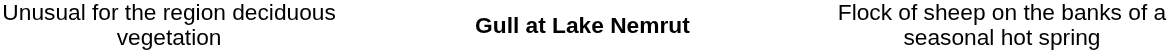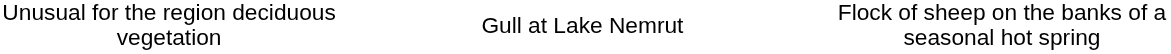 <table class="graytable" style="text-align:center">
 <tr>
 <td width="33%"></td>
 <td width="33%"></td>
 <td></td>
 </tr>
 <tr>
 <td>Unusual for the region deciduous vegetation</td>
-<td><strong>Gull at Lake Nemrut</strong></td>
+<td>Gull at Lake Nemrut</td>
 <td>Flock of sheep on the banks of a seasonal hot spring</td>
 </tr>
 </table>
